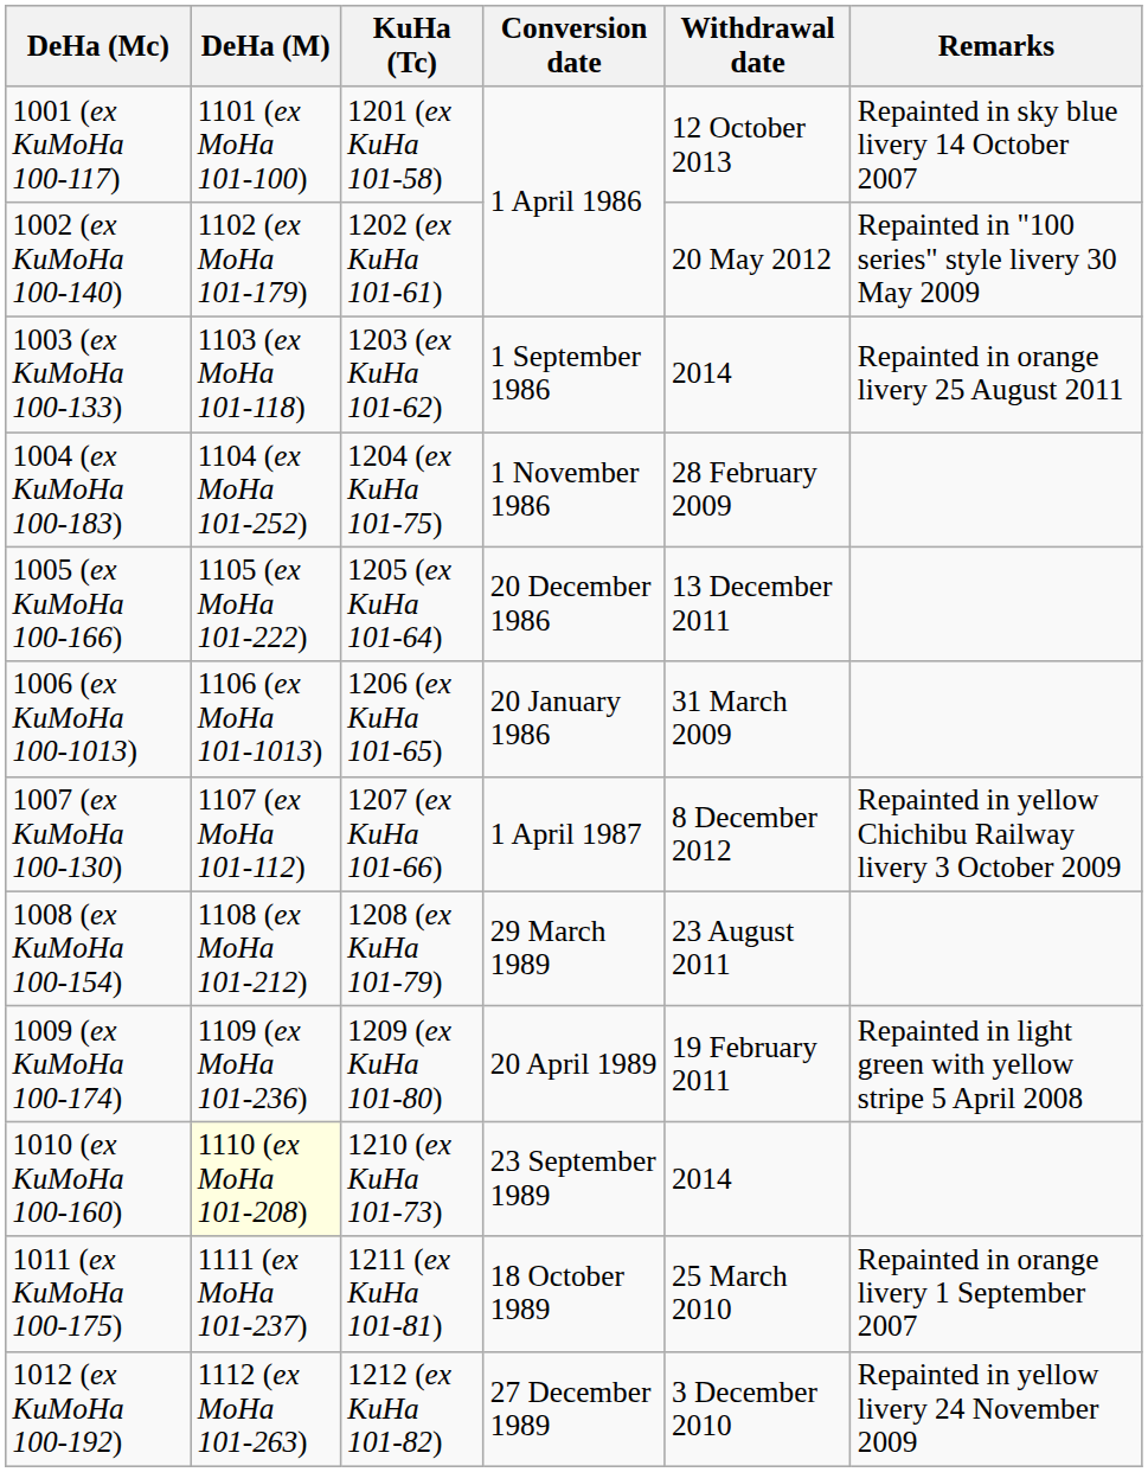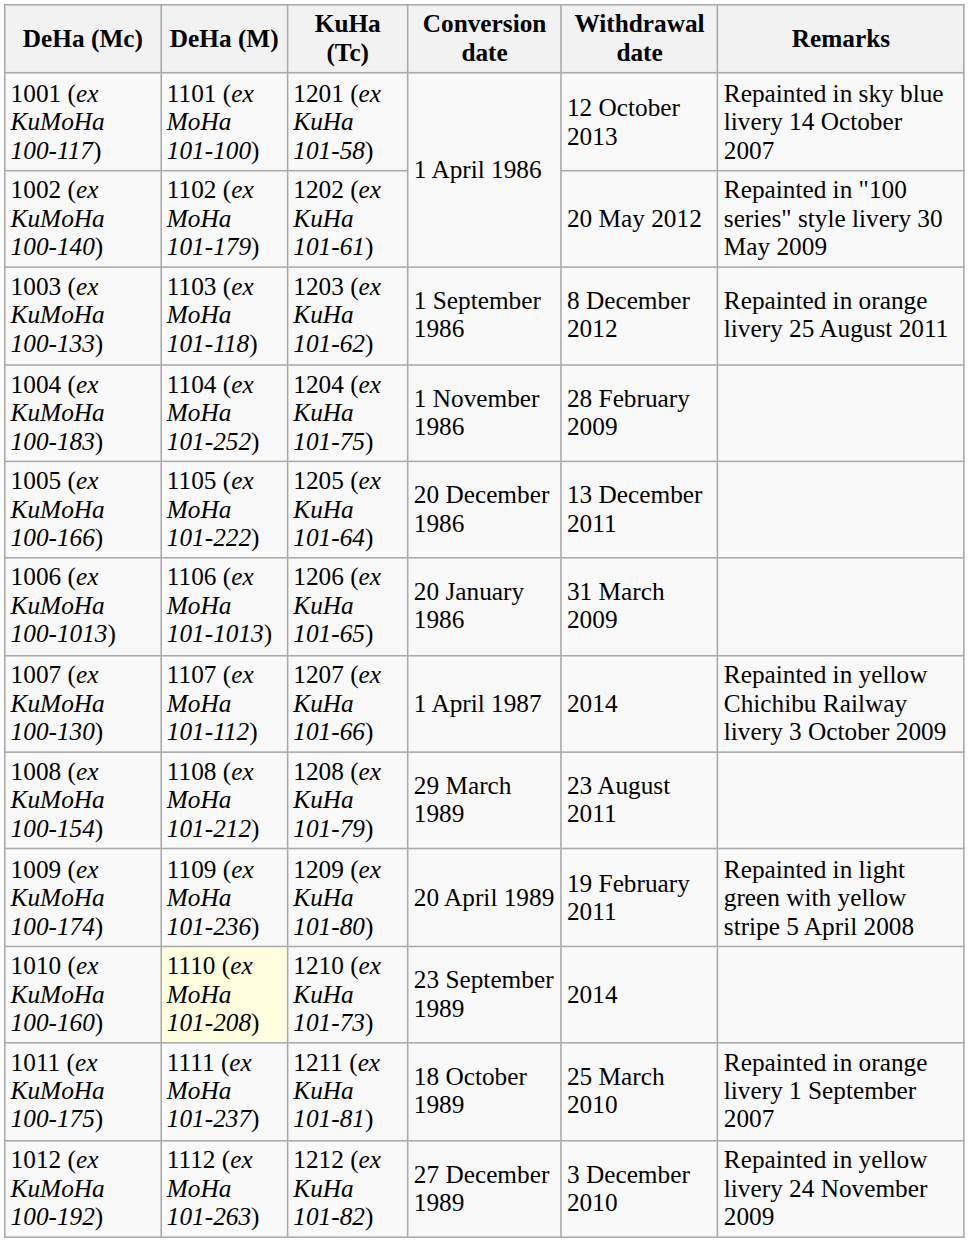 <table class="wikitable">
 <tr>
 <th>DeHa (Mc)</th>
 <th>DeHa (M)</th>
 <th>KuHa (Tc)</th>
 <th>Conversion date</th>
 <th>Withdrawal date</th>
 <th>Remarks</th>
 </tr>
 <tr>
 <td>1001 (<em>ex KuMoHa 100-117</em>)</td>
 <td>1101 (<em>ex MoHa 101-100</em>)</td>
 <td>1201 (<em>ex KuHa 101-58</em>)</td>
 <td rowspan="2">1 April 1986</td>
 <td>12 October 2013</td>
 <td>Repainted in sky blue livery 14 October 2007</td>
 </tr>
 <tr>
 <td>1002 (<em>ex KuMoHa 100-140</em>)</td>
 <td>1102 (<em>ex MoHa 101-179</em>)</td>
 <td>1202 (<em>ex KuHa 101-61</em>)</td>
 <td>20 May 2012</td>
 <td>Repainted in "100 series" style livery 30 May 2009</td>
 </tr>
 <tr>
 <td>1003 (<em>ex KuMoHa 100-133</em>)</td>
 <td>1103 (<em>ex MoHa 101-118</em>)</td>
 <td>1203 (<em>ex KuHa 101-62</em>)</td>
 <td>1 September 1986</td>
-<td>2014</td>
+<td>8 December 2012</td>
 <td>Repainted in orange livery 25 August 2011</td>
 </tr>
 <tr>
 <td>1004 (<em>ex KuMoHa 100-183</em>)</td>
 <td>1104 (<em>ex MoHa 101-252</em>)</td>
 <td>1204 (<em>ex KuHa 101-75</em>)</td>
 <td>1 November 1986</td>
 <td>28 February 2009</td>
 <td> </td>
 </tr>
 <tr>
 <td>1005 (<em>ex KuMoHa 100-166</em>)</td>
 <td>1105 (<em>ex MoHa 101-222</em>)</td>
 <td>1205 (<em>ex KuHa 101-64</em>)</td>
 <td>20 December 1986</td>
 <td>13 December 2011</td>
 <td> </td>
 </tr>
 <tr>
 <td>1006 (<em>ex KuMoHa 100-1013</em>)</td>
 <td>1106 (<em>ex MoHa 101-1013</em>)</td>
 <td>1206 (<em>ex KuHa 101-65</em>)</td>
 <td>20 January 1986</td>
 <td>31 March 2009</td>
 <td> </td>
 </tr>
 <tr>
 <td>1007 (<em>ex KuMoHa 100-130</em>)</td>
 <td>1107 (<em>ex MoHa 101-112</em>)</td>
 <td>1207 (<em>ex KuHa 101-66</em>)</td>
 <td>1 April 1987</td>
-<td>8 December 2012</td>
+<td>2014</td>
 <td>Repainted in yellow Chichibu Railway livery 3 October 2009</td>
 </tr>
 <tr>
 <td>1008 (<em>ex KuMoHa 100-154</em>)</td>
 <td>1108 (<em>ex MoHa 101-212</em>)</td>
 <td>1208 (<em>ex KuHa 101-79</em>)</td>
 <td>29 March 1989</td>
 <td>23 August 2011</td>
 <td> </td>
 </tr>
 <tr>
 <td>1009 (<em>ex KuMoHa 100-174</em>)</td>
 <td>1109 (<em>ex MoHa 101-236</em>)</td>
 <td>1209 (<em>ex KuHa 101-80</em>)</td>
 <td>20 April 1989</td>
 <td>19 February 2011</td>
 <td>Repainted in light green with yellow stripe 5 April 2008</td>
 </tr>
 <tr>
 <td>1010 (<em>ex KuMoHa 100-160</em>)</td>
 <td style="background: lightyellow;">1110 (<em>ex MoHa 101-208</em>)</td>
 <td>1210 (<em>ex KuHa 101-73</em>)</td>
 <td>23 September 1989</td>
 <td>2014</td>
 <td> </td>
 </tr>
 <tr>
 <td>1011 (<em>ex KuMoHa 100-175</em>)</td>
 <td>1111 (<em>ex MoHa 101-237</em>)</td>
 <td>1211 (<em>ex KuHa 101-81</em>)</td>
 <td>18 October 1989</td>
 <td>25 March 2010</td>
 <td>Repainted in orange livery 1 September 2007</td>
 </tr>
 <tr>
 <td>1012 (<em>ex KuMoHa 100-192</em>)</td>
 <td>1112 (<em>ex MoHa 101-263</em>)</td>
 <td>1212 (<em>ex KuHa 101-82</em>)</td>
 <td>27 December 1989</td>
 <td>3 December 2010</td>
 <td>Repainted in yellow livery 24 November 2009</td>
 </tr>
 </table>
